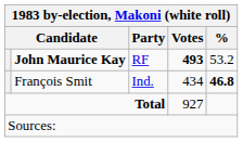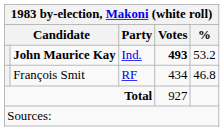 <table class="wikitable">
 <tr>
 <th colspan="5">1983 by-election, <a href='#'>Makoni</a> (white roll)</th>
 </tr>
 <tr>
 <th colspan="2">Candidate</th>
 <th>Party</th>
 <th>Votes</th>
 <th>%</th>
 </tr>
 <tr>
 <th style="background-color: "></th>
 <td><strong>John Maurice Kay</strong></td>
-<td><a href='#'>RF</a></td>
+<td><a href='#'>Ind.</a></td>
 <td style="text-align:right"><strong>493</strong></td>
 <td style="text-align:right">53.2</td>
 </tr>
 <tr>
 <th style="background-color: "></th>
 <td>François Smit</td>
-<td><a href='#'>Ind.</a></td>
+<td><a href='#'>RF</a></td>
 <td style="text-align:right">434</td>
-<td style="text-align:right"><strong>46.8</strong></td>
+<td style="text-align:right">46.8</td>
 </tr>
 <tr>
 <td colspan="3" style="text-align:right"><strong>Total</strong></td>
 <td style="text-align:right">927</td>
 <td style="text-align:right"></td>
 </tr>
 <tr>
 <td colspan="5">Sources:</td>
 </tr>
 </table>
